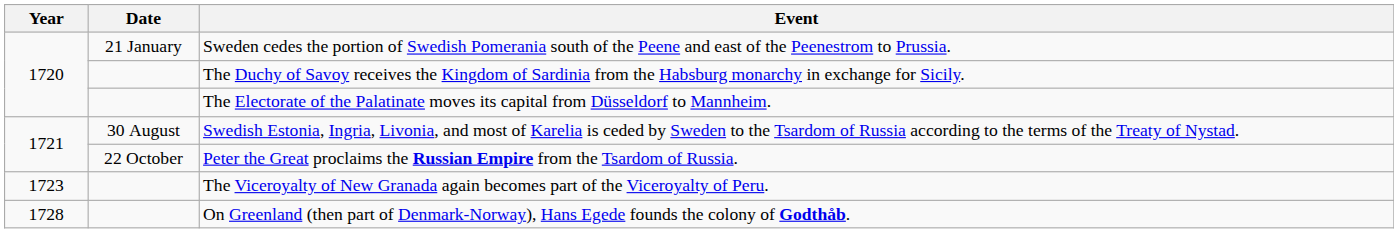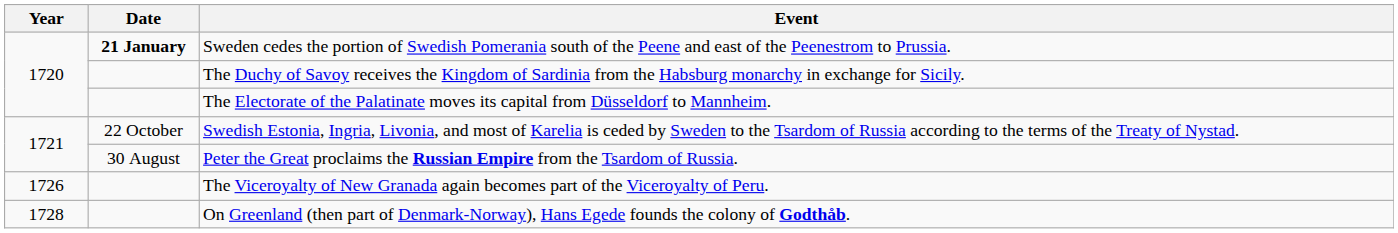 <table class=wikitable style="width:100%;">
 <tr>
 <th style="width:6%">Year</th>
 <th style="width:8%">Date</th>
 <th style="width:86%">Event</th>
 </tr>
 <tr>
 <td rowspan=3 align=center>1720</td>
-<td align=center>21 January</td>
+<td align=center><strong>21 January</strong></td>
 <td>Sweden cedes the portion of <a href='#'>Swedish Pomerania</a> south of the <a href='#'>Peene</a> and east of the <a href='#'>Peenestrom</a> to <a href='#'>Prussia</a>.</td>
 </tr>
 <tr>
 <td></td>
 <td>The <a href='#'>Duchy of Savoy</a> receives the <a href='#'>Kingdom of Sardinia</a> from the <a href='#'>Habsburg monarchy</a> in exchange for <a href='#'>Sicily</a>.</td>
 </tr>
 <tr>
 <td></td>
 <td>The <a href='#'>Electorate of the Palatinate</a> moves its capital from <a href='#'>Düsseldorf</a> to <a href='#'>Mannheim</a>.</td>
 </tr>
 <tr>
 <td rowspan=2 align=center>1721</td>
-<td align=center>30 August</td>
+<td align=center>22 October</td>
 <td><a href='#'>Swedish Estonia</a>, <a href='#'>Ingria</a>, <a href='#'>Livonia</a>, and most of <a href='#'>Karelia</a> is ceded by <a href='#'>Sweden</a> to the <a href='#'>Tsardom of Russia</a> according to the terms of the <a href='#'>Treaty of Nystad</a>.</td>
 </tr>
 <tr>
-<td align=center>22 October</td>
+<td align=center>30 August</td>
 <td><a href='#'>Peter the Great</a> proclaims the <strong><a href='#'>Russian Empire</a></strong> from the <a href='#'>Tsardom of Russia</a>.</td>
 </tr>
 <tr>
-<td align=center>1723</td>
+<td align=center>1726</td>
 <td></td>
 <td>The <a href='#'>Viceroyalty of New Granada</a> again becomes part of the <a href='#'>Viceroyalty of Peru</a>.</td>
 </tr>
 <tr>
 <td align=center>1728</td>
 <td></td>
 <td>On <a href='#'>Greenland</a> (then part of <a href='#'>Denmark-Norway</a>), <a href='#'>Hans Egede</a> founds the colony of <strong><a href='#'>Godthåb</a></strong>.</td>
 </tr>
 </table>
